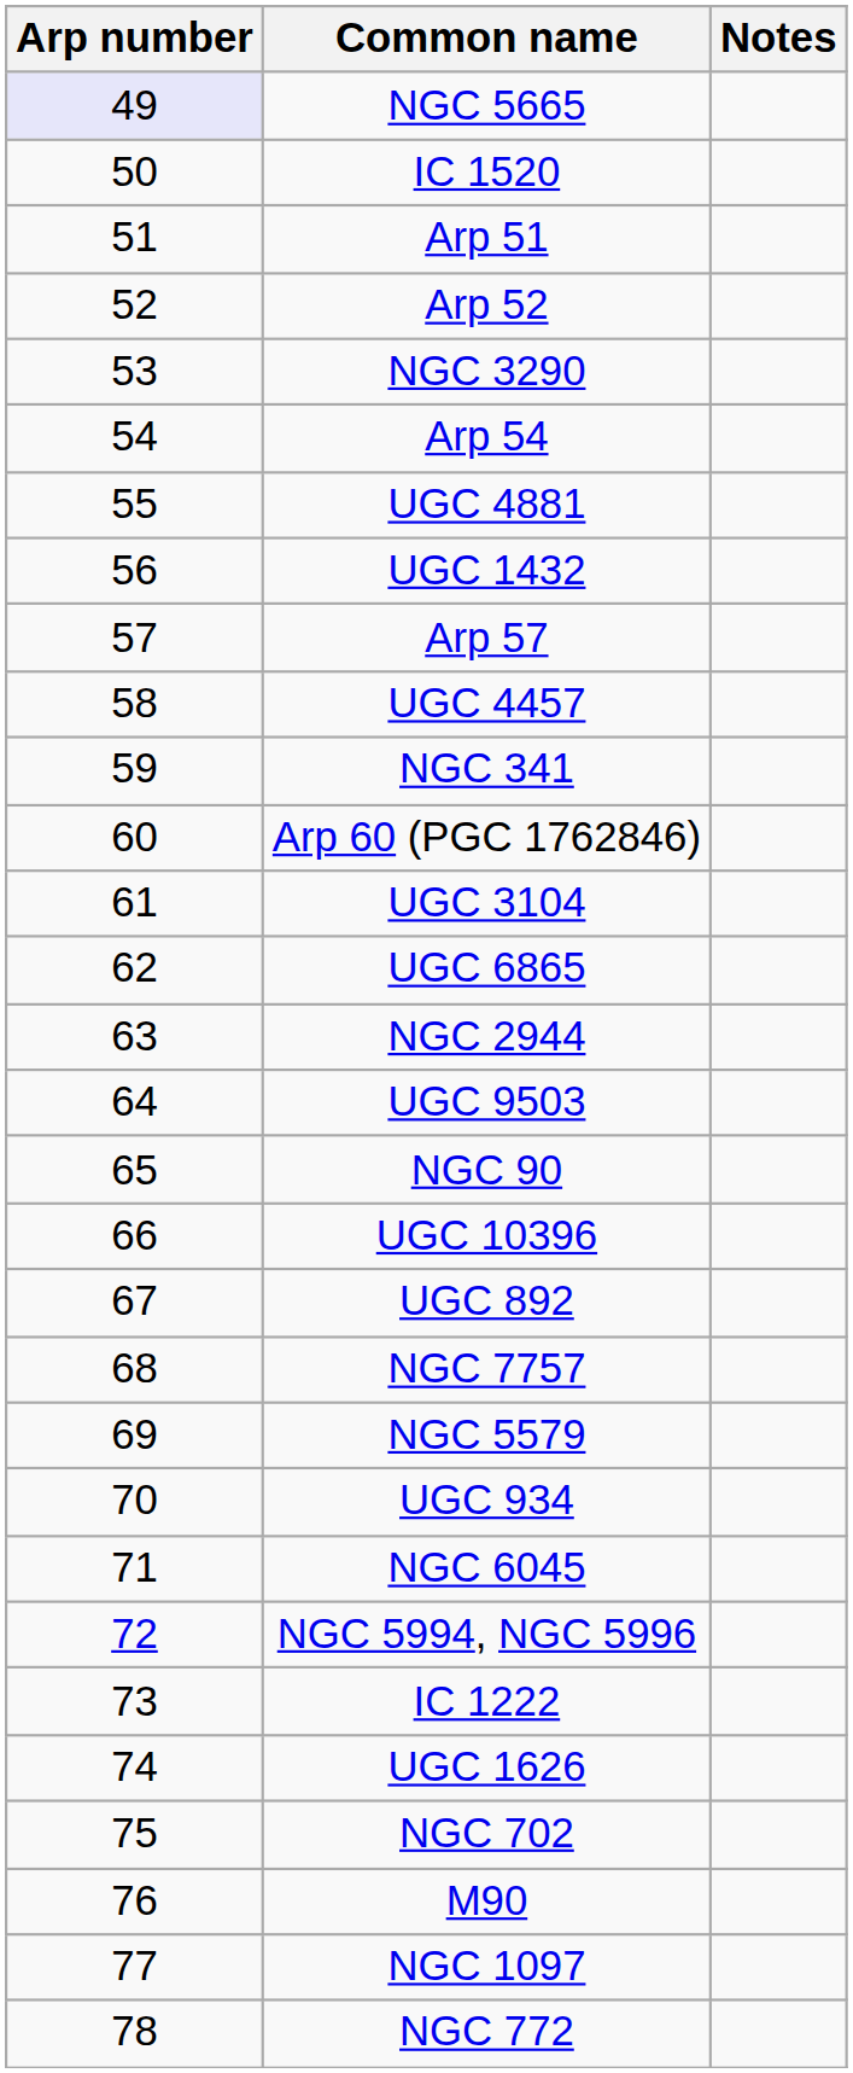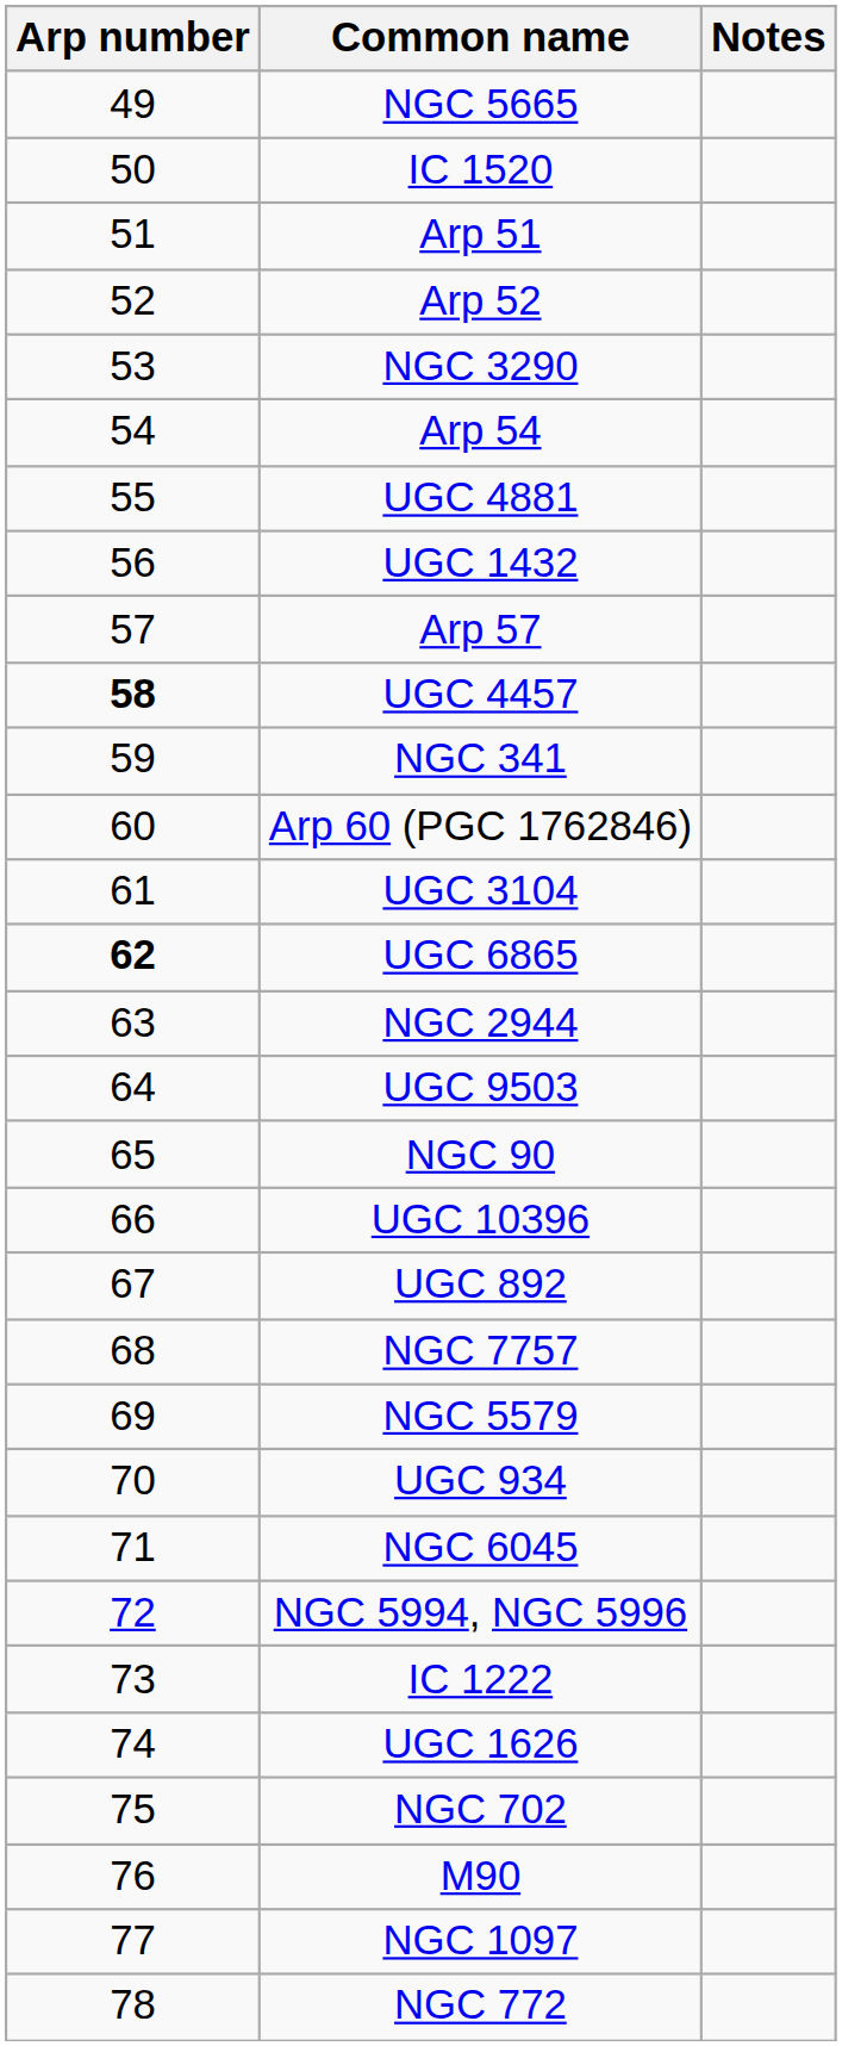 <table class="wikitable" style="text-align:center;">
 <tr>
 <th>Arp number</th>
 <th>Common name</th>
 <th>Notes</th>
 </tr>
 <tr>
-<td style="background: lavender;">49</td>
+<td>49</td>
 <td><a href='#'>NGC 5665</a></td>
 <td></td>
 </tr>
 <tr>
 <td>50</td>
 <td><a href='#'>IC 1520</a></td>
 <td></td>
 </tr>
 <tr>
 <td>51</td>
 <td><a href='#'>Arp 51</a></td>
 <td></td>
 </tr>
 <tr>
 <td>52</td>
 <td><a href='#'>Arp 52</a></td>
 <td></td>
 </tr>
 <tr>
 <td>53</td>
 <td><a href='#'>NGC 3290</a></td>
 <td></td>
 </tr>
 <tr>
 <td>54</td>
 <td><a href='#'>Arp 54</a></td>
 <td></td>
 </tr>
 <tr>
 <td>55</td>
 <td><a href='#'>UGC 4881</a></td>
 <td></td>
 </tr>
 <tr>
 <td>56</td>
 <td><a href='#'>UGC 1432</a></td>
 <td></td>
 </tr>
 <tr>
 <td>57</td>
 <td><a href='#'>Arp 57</a></td>
 <td></td>
 </tr>
 <tr>
-<td>58</td>
+<td><strong>58</strong></td>
 <td><a href='#'>UGC 4457</a></td>
 <td></td>
 </tr>
 <tr>
 <td>59</td>
 <td><a href='#'>NGC 341</a></td>
 <td></td>
 </tr>
 <tr>
 <td>60</td>
 <td><a href='#'>Arp 60</a> (PGC 1762846)</td>
 <td></td>
 </tr>
 <tr>
 <td>61</td>
 <td><a href='#'>UGC 3104</a></td>
 <td></td>
 </tr>
 <tr>
-<td>62</td>
+<td><strong>62</strong></td>
 <td><a href='#'>UGC 6865</a></td>
 <td></td>
 </tr>
 <tr>
 <td>63</td>
 <td><a href='#'>NGC 2944</a></td>
 <td></td>
 </tr>
 <tr>
 <td>64</td>
 <td><a href='#'>UGC 9503</a></td>
 <td></td>
 </tr>
 <tr>
 <td>65</td>
 <td><a href='#'>NGC 90</a></td>
 <td></td>
 </tr>
 <tr>
 <td>66</td>
 <td><a href='#'>UGC 10396</a></td>
 <td></td>
 </tr>
 <tr>
 <td>67</td>
 <td><a href='#'>UGC 892</a></td>
 <td></td>
 </tr>
 <tr>
 <td>68</td>
 <td><a href='#'>NGC 7757</a></td>
 <td></td>
 </tr>
 <tr>
 <td>69</td>
 <td><a href='#'>NGC 5579</a></td>
 <td></td>
 </tr>
 <tr>
 <td>70</td>
 <td><a href='#'>UGC 934</a></td>
 <td></td>
 </tr>
 <tr>
 <td>71</td>
 <td><a href='#'>NGC 6045</a></td>
 <td></td>
 </tr>
 <tr>
 <td><a href='#'>72</a></td>
 <td><a href='#'>NGC 5994</a>, <a href='#'>NGC 5996</a></td>
 <td></td>
 </tr>
 <tr>
 <td>73</td>
 <td><a href='#'>IC 1222</a></td>
 <td></td>
 </tr>
 <tr>
 <td>74</td>
 <td><a href='#'>UGC 1626</a></td>
 <td></td>
 </tr>
 <tr>
 <td>75</td>
 <td><a href='#'>NGC 702</a></td>
 <td></td>
 </tr>
 <tr>
 <td>76</td>
 <td><a href='#'>M90</a></td>
 <td></td>
 </tr>
 <tr>
 <td>77</td>
 <td><a href='#'>NGC 1097</a></td>
 <td></td>
 </tr>
 <tr>
 <td>78</td>
 <td><a href='#'>NGC 772</a></td>
 <td></td>
 </tr>
 <tr>
 </tr>
 </table>
